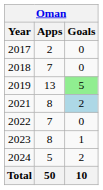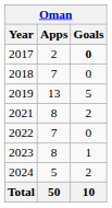 <table class="wikitable" style="text-align:center">
 <tr>
 <th colspan=3><a href='#'>Oman</a></th>
 </tr>
 <tr>
 <th>Year</th>
 <th>Apps</th>
 <th>Goals</th>
 </tr>
 <tr>
 <td>2017</td>
 <td>2</td>
-<td>0</td>
+<td><strong>0</strong></td>
 </tr>
 <tr>
 <td>2018</td>
 <td>7</td>
 <td>0</td>
 </tr>
 <tr>
 <td>2019</td>
 <td>13</td>
-<td style="background: lightgreen;">5</td>
+<td>5</td>
 </tr>
 <tr>
 <td>2021</td>
 <td>8</td>
-<td style="background: lightblue;">2</td>
+<td>2</td>
 </tr>
 <tr>
 <td>2022</td>
 <td>7</td>
 <td>0</td>
 </tr>
 <tr>
 <td>2023</td>
 <td>8</td>
 <td>1</td>
 </tr>
 <tr>
 <td>2024</td>
 <td>5</td>
 <td>2</td>
 </tr>
 <tr>
 <th>Total</th>
 <th>50</th>
 <th>10</th>
 </tr>
 </table>
